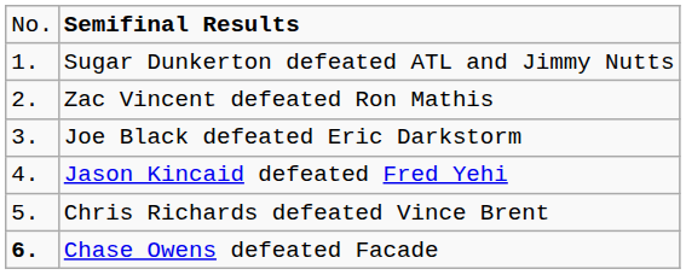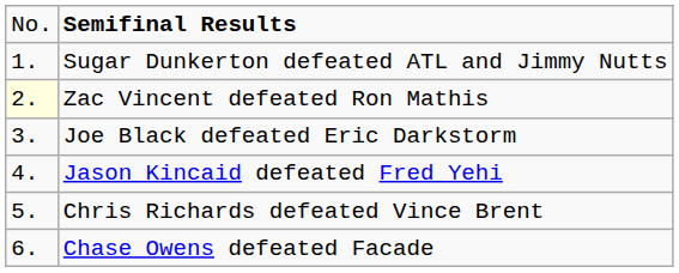 <table class="wikitable">
 <tr>
 <td>No.</td>
 <td><strong>Semifinal Results</strong></td>
 </tr>
 <tr>
 <td>1.</td>
 <td>Sugar Dunkerton defeated ATL and Jimmy Nutts</td>
 </tr>
 <tr>
-<td>2.</td>
+<td style="background: lightyellow;">2.</td>
 <td>Zac Vincent defeated Ron Mathis</td>
 </tr>
 <tr>
 <td>3.</td>
 <td>Joe Black defeated Eric Darkstorm</td>
 </tr>
 <tr>
 <td>4.</td>
 <td><a href='#'>Jason Kincaid</a> defeated <a href='#'>Fred Yehi</a></td>
 </tr>
 <tr>
 <td>5.</td>
 <td>Chris Richards defeated Vince Brent</td>
 </tr>
 <tr>
-<td><strong>6.</strong></td>
+<td>6.</td>
 <td><a href='#'>Chase Owens</a> defeated Facade</td>
 </tr>
 </table>
